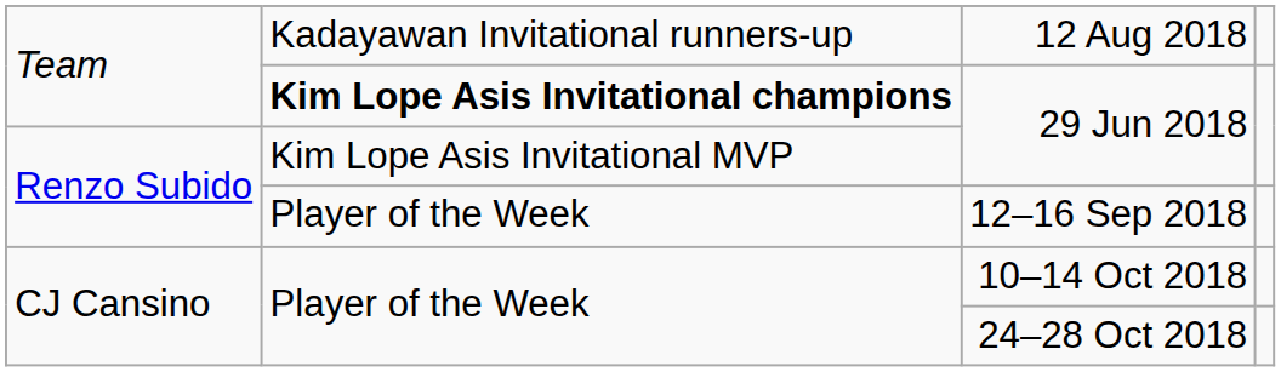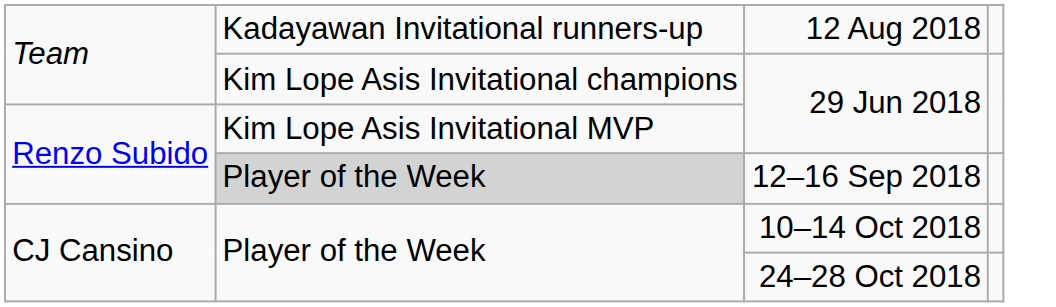 <table class=wikitable>
 <tr>
 <td rowspan=2><em>Team</em></td>
 <td>Kadayawan Invitational runners-up</td>
 <td align=right>12 Aug 2018</td>
 <td align="center"></td>
 </tr>
 <tr>
-<td><strong>Kim Lope Asis Invitational champions</strong></td>
+<td>Kim Lope Asis Invitational champions</td>
 <td align=right rowspan=2>29 Jun 2018</td>
 <td align=center rowspan=2></td>
 </tr>
 <tr>
 <td rowspan=2><a href='#'>Renzo Subido</a></td>
 <td>Kim Lope Asis Invitational MVP</td>
 </tr>
 <tr>
-<td>Player of the Week</td>
+<td style="background: lightgrey;">Player of the Week</td>
 <td align=right>12–16 Sep 2018</td>
 <td align=center></td>
 </tr>
 <tr>
 <td rowspan=2>CJ Cansino</td>
 <td rowspan=2>Player of the Week</td>
 <td align=right>10–14 Oct 2018</td>
 <td align=center></td>
 </tr>
 <tr>
 <td align=right>24–28 Oct 2018</td>
 <td align=center></td>
 </tr>
 </table>
